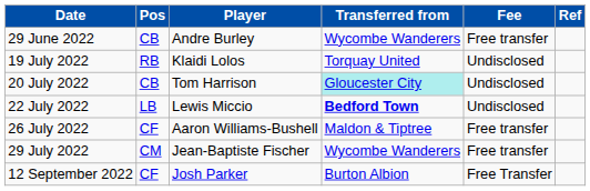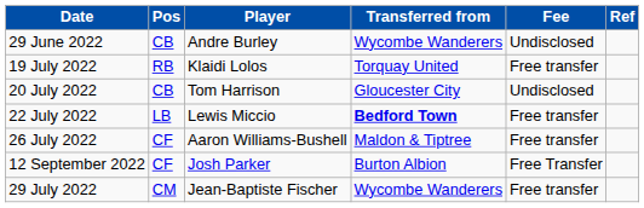 <table class="wikitable plainrowheaders sortable">
 <tr>
 <th style="background:#004EA7; color:#FFFFFF; ">Date</th>
 <th style="background:#004EA7; color:#FFFFFF; ">Pos</th>
 <th style="background:#004EA7; color:#FFFFFF; ">Player</th>
 <th style="background:#004EA7; color:#FFFFFF; ">Transferred from</th>
 <th style="background:#004EA7; color:#FFFFFF; ">Fee</th>
 <th style="background:#004EA7; color:#FFFFFF; ">Ref</th>
 </tr>
 <tr>
 <td>29 June 2022</td>
 <td><a href='#'>CB</a></td>
 <td> Andre Burley</td>
 <td> <a href='#'>Wycombe Wanderers</a></td>
-<td>Free transfer</td>
+<td>Undisclosed</td>
 <td></td>
 </tr>
 <tr>
 <td>19 July 2022</td>
 <td><a href='#'>RB</a></td>
 <td> Klaidi Lolos</td>
 <td> <a href='#'>Torquay United</a></td>
-<td>Undisclosed</td>
+<td>Free transfer</td>
 <td></td>
 </tr>
 <tr>
 <td>20 July 2022</td>
 <td><a href='#'>CB</a></td>
 <td> Tom Harrison</td>
-<td style="background: paleturquoise;"> <a href='#'>Gloucester City</a></td>
+<td> <a href='#'>Gloucester City</a></td>
 <td>Undisclosed</td>
 <td></td>
 </tr>
 <tr>
 <td>22 July 2022</td>
 <td><a href='#'>LB</a></td>
 <td> Lewis Miccio</td>
 <td><strong> <a href='#'>Bedford Town</a></strong></td>
-<td>Undisclosed</td>
+<td>Free transfer</td>
 <td></td>
 </tr>
 <tr>
 <td>26 July 2022</td>
 <td><a href='#'>CF</a></td>
 <td> Aaron Williams-Bushell</td>
 <td> <a href='#'>Maldon & Tiptree</a></td>
 <td>Free transfer</td>
 <td></td>
 </tr>
 <tr>
+<td>12 September 2022</td>
+<td><a href='#'>CF</a></td>
+<td> <a href='#'>Josh Parker</a></td>
+<td> <a href='#'>Burton Albion</a></td>
+<td>Free Transfer</td>
+<td></td>
+</tr>
+<tr>
 <td>29 July 2022</td>
 <td><a href='#'>CM</a></td>
 <td> Jean-Baptiste Fischer</td>
 <td> <a href='#'>Wycombe Wanderers</a></td>
 <td>Free transfer</td>
 <td></td>
 </tr>
-<tr>
-<td>12 September 2022</td>
-<td><a href='#'>CF</a></td>
-<td> <a href='#'>Josh Parker</a></td>
-<td> <a href='#'>Burton Albion</a></td>
-<td>Free Transfer</td>
-<td></td>
-</tr>
 </table>
